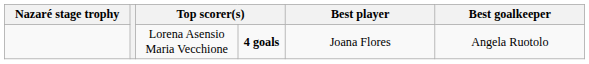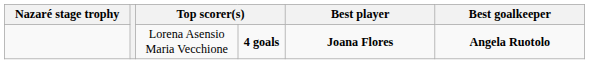 <table class="wikitable" style="text-align: center; font-size: 95%;">
 <tr>
 <th width=150>Nazaré stage trophy</th>
 <th rowspan=2></th>
 <th width=180 colspan=2>Top scorer(s)</th>
 <th width=180>Best player</th>
 <th width=180>Best goalkeeper</th>
 </tr>
 <tr align=center style="background:">
 <td style="text-align:center;"></td>
 <td> Lorena Asensio<br> Maria Vecchione</td>
 <td><strong>4 goals</strong></td>
-<td> Joana Flores</td>
-<td> Angela Ruotolo</td>
+<td><strong> Joana Flores</strong></td>
+<td><strong> Angela Ruotolo</strong></td>
 </tr>
 </table>
